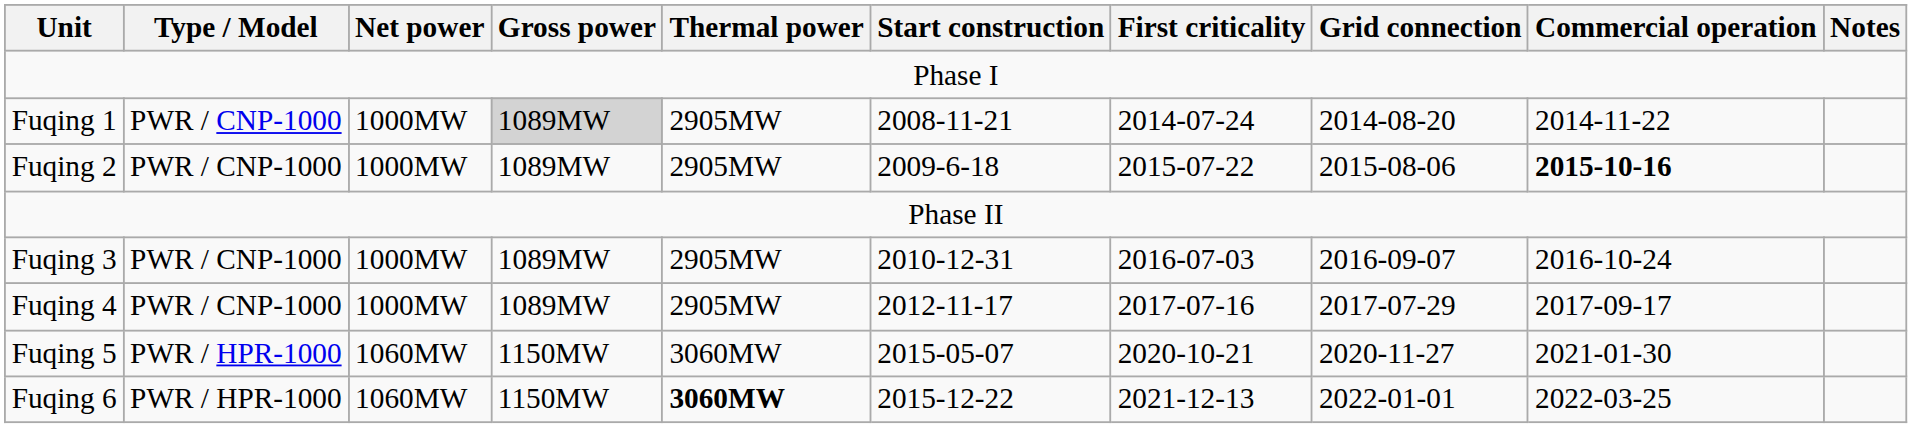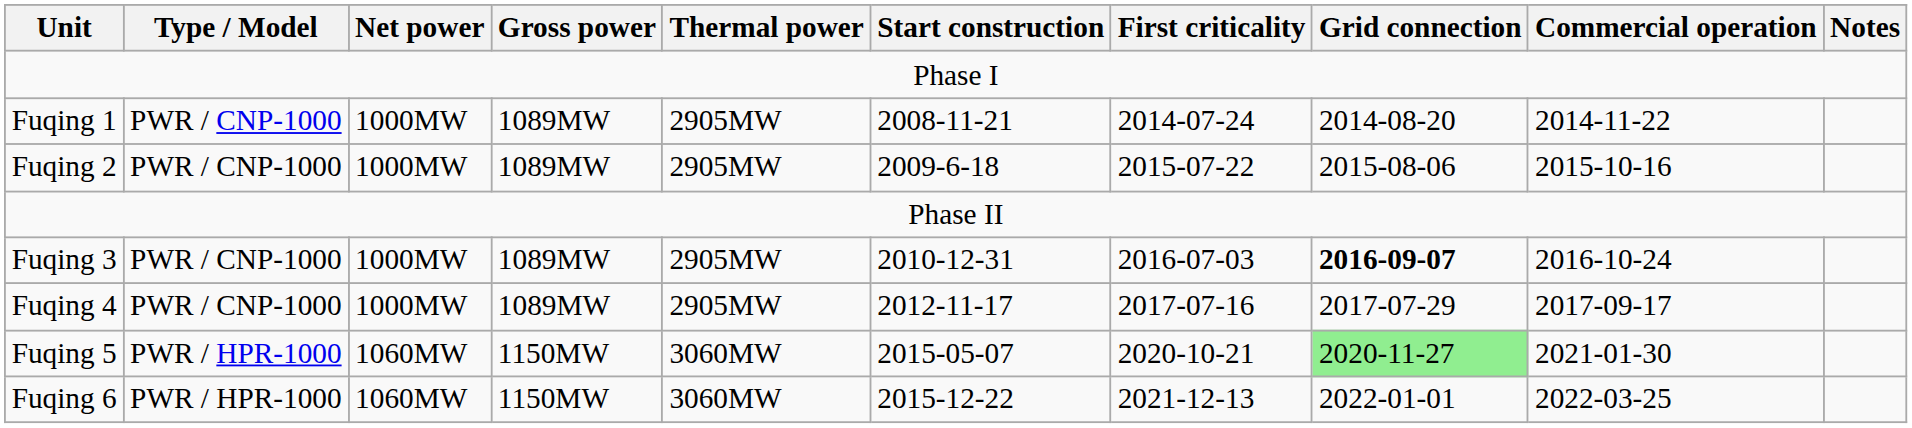 <table class="wikitable">
 <tr>
 <th>Unit</th>
 <th>Type / Model</th>
 <th>Net power</th>
 <th>Gross power</th>
 <th>Thermal power</th>
 <th>Start construction</th>
 <th>First criticality</th>
 <th>Grid connection</th>
 <th>Commercial operation</th>
 <th>Notes</th>
 </tr>
 <tr>
 <td colspan="10" align="center">Phase I</td>
 </tr>
 <tr>
 <td>Fuqing 1</td>
 <td>PWR / <a href='#'>CNP-1000</a></td>
 <td>1000MW</td>
-<td style="background: lightgrey;">1089MW</td>
+<td>1089MW</td>
 <td>2905MW</td>
 <td>2008-11-21</td>
 <td>2014-07-24</td>
 <td>2014-08-20</td>
 <td>2014-11-22</td>
 <td></td>
 </tr>
 <tr>
 <td>Fuqing 2</td>
 <td>PWR / CNP-1000</td>
 <td>1000MW</td>
 <td>1089MW</td>
 <td>2905MW</td>
 <td>2009-6-18</td>
 <td>2015-07-22</td>
 <td>2015-08-06</td>
-<td><strong>2015-10-16</strong></td>
+<td>2015-10-16</td>
 <td></td>
 </tr>
 <tr>
 <td colspan="10" align="center">Phase II</td>
 </tr>
 <tr>
 <td>Fuqing 3</td>
 <td>PWR / CNP-1000</td>
 <td>1000MW</td>
 <td>1089MW</td>
 <td>2905MW</td>
 <td>2010-12-31</td>
 <td>2016-07-03</td>
-<td>2016-09-07</td>
+<td><strong>2016-09-07</strong></td>
 <td>2016-10-24</td>
 <td></td>
 </tr>
 <tr>
 <td>Fuqing 4</td>
 <td>PWR / CNP-1000</td>
 <td>1000MW</td>
 <td>1089MW</td>
 <td>2905MW</td>
 <td>2012-11-17</td>
 <td>2017-07-16</td>
 <td>2017-07-29</td>
 <td>2017-09-17</td>
 <td></td>
 </tr>
 <tr>
 <td>Fuqing 5</td>
 <td>PWR / <a href='#'>HPR-1000</a></td>
 <td>1060MW</td>
 <td>1150MW</td>
 <td>3060MW</td>
 <td>2015-05-07</td>
 <td>2020-10-21</td>
-<td>2020-11-27</td>
+<td style="background: lightgreen;">2020-11-27</td>
 <td>2021-01-30</td>
 <td></td>
 </tr>
 <tr>
 <td>Fuqing 6</td>
 <td>PWR / HPR-1000</td>
 <td>1060MW</td>
 <td>1150MW</td>
-<td><strong>3060MW</strong></td>
+<td>3060MW</td>
 <td>2015-12-22</td>
 <td>2021-12-13</td>
 <td>2022-01-01</td>
 <td>2022-03-25</td>
 <td></td>
 </tr>
 </table>
